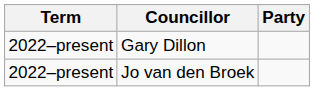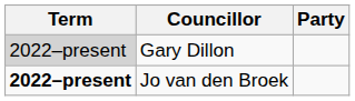 <table class="wikitable">
 <tr>
 <th>Term</th>
 <th>Councillor</th>
 <th colspan=2>Party</th>
 </tr>
 <tr>
-<td>2022–present</td>
+<td style="background: lightgrey;">2022–present</td>
 <td>Gary Dillon</td>
 <td></td>
 </tr>
 <tr>
-<td>2022–present</td>
+<td><strong>2022–present</strong></td>
 <td>Jo van den Broek</td>
 <td></td>
 </tr>
 </table>
